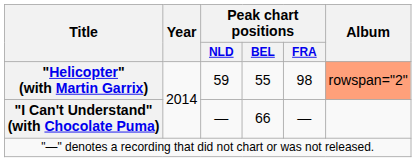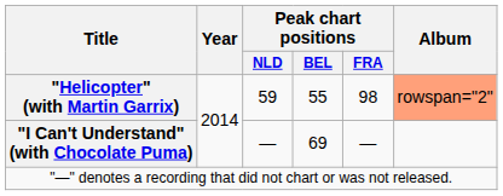 <table class="wikitable plainrowheaders" style="text-align:center;">
 <tr>
 <th rowspan="2" scope="col">Title</th>
 <th rowspan="2" scope="col">Year</th>
 <th colspan="3">Peak chart positions</th>
 <th rowspan="2">Album</th>
 </tr>
 <tr>
 <th scope="col" style="width:3em;font-size:85%;"><a href='#'>NLD</a><br></th>
 <th scope="col" style="width:3em;font-size:85%;"><a href='#'>BEL</a><br></th>
 <th scope="col" style="width:3em;font-size:85%;"><a href='#'>FRA</a><br></th>
 </tr>
 <tr>
 <th scope="row">"<a href='#'>Helicopter</a>"<br><span>(with <a href='#'>Martin Garrix</a>)</span></th>
 <td rowspan="2">2014</td>
 <td>59<br></td>
 <td>55</td>
 <td>98</td>
 <td style="background: lightsalmon;">rowspan="2" </td>
 </tr>
 <tr>
 <th scope="row">"I Can't Understand"<br><span>(with <a href='#'>Chocolate Puma</a>)</span></th>
 <td>—</td>
-<td>66</td>
+<td>69</td>
 <td>—</td>
 </tr>
 <tr>
 <td colspan="6" style="font-size:85%">"—" denotes a recording that did not chart or was not released.</td>
 </tr>
 </table>
